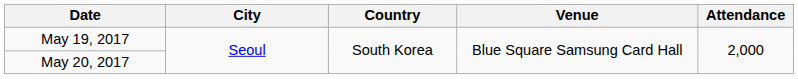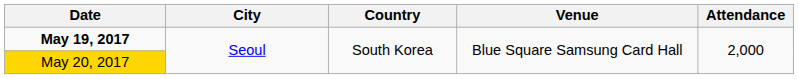 <table class="wikitable" style="text-align:center;">
 <tr>
 <th width="200">Date</th>
 <th width="200">City</th>
 <th width="150">Country</th>
 <th width="300">Venue</th>
 <th width="100">Attendance</th>
 </tr>
 <tr>
-<td>May 19, 2017</td>
+<td><strong>May 19, 2017</strong></td>
 <td rowspan="2"><a href='#'>Seoul</a></td>
 <td rowspan="2">South Korea</td>
 <td rowspan="2">Blue Square Samsung Card Hall</td>
 <td rowspan="2">2,000</td>
 </tr>
 <tr>
-<td>May 20, 2017</td>
+<td style="background: gold;">May 20, 2017</td>
 </tr>
 </table>
